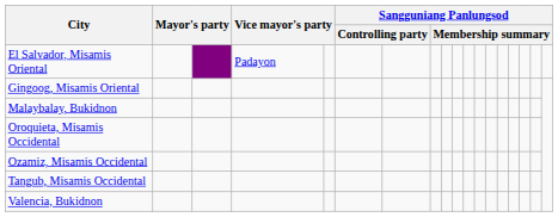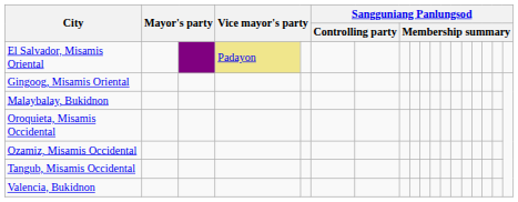 <table class="wikitable" style="font-size:95%;">
 <tr>
 <th width="180px" rowspan="2">City</th>
 <th colspan="2" rowspan="2">Mayor's party</th>
 <th colspan="2" rowspan="2">Vice mayor's party</th>
 <th colspan="15"><a href='#'>Sangguniang Panlungsod</a></th>
 </tr>
 <tr>
 <th colspan="2">Controlling party</th>
 <th colspan="13">Membership summary</th>
 </tr>
 <tr>
 <td><a href='#'>El Salvador, Misamis Oriental</a></td>
 <td></td>
 <td bgcolor=purple></td>
-<td><a href='#'>Padayon</a></td>
+<td style="background: khaki;"><a href='#'>Padayon</a></td>
 <td></td>
 <td> </td>
 <td> </td>
 <td> </td>
 <td> </td>
 <td> </td>
 <td> </td>
 <td> </td>
 <td> </td>
 <td> </td>
 <td> </td>
 <td> </td>
 <td> </td>
 <td> </td>
 </tr>
 <tr>
 <td><a href='#'>Gingoog, Misamis Oriental</a></td>
 <td></td>
 <td></td>
 <td></td>
 <td style="color:inherit;background:"></td>
 <td style="color:inherit;background:"></td>
 <td style="color:inherit;background:"></td>
 <td style="color:inherit;background:"></td>
 <td style="color:inherit;background:"></td>
 <td style="color:inherit;background:"></td>
 <td style="color:inherit;background:"></td>
 <td style="color:inherit;background:"></td>
 <td style="color:inherit;background:"></td>
 <td style="color:inherit;background:"></td>
 <td style="color:inherit;background:"></td>
 <td style="color:inherit;background:"></td>
 <td style="color:inherit;background:"></td>
 </tr>
 <tr>
 <td><a href='#'>Malaybalay, Bukidnon</a></td>
 <td></td>
 <td></td>
 <td></td>
 <td style="color:inherit;background:"></td>
 <td style="color:inherit;background:"></td>
 <td style="color:inherit;background:"></td>
 <td style="color:inherit;background:"></td>
 <td style="color:inherit;background:"></td>
 <td style="color:inherit;background:"></td>
 <td style="color:inherit;background:"></td>
 <td style="color:inherit;background:"></td>
 <td style="color:inherit;background:"></td>
 <td style="color:inherit;background:"></td>
 <td style="color:inherit;background:"></td>
 <td style="color:inherit;background:"></td>
 <td></td>
 </tr>
 <tr>
 <td><a href='#'>Oroquieta, Misamis Occidental</a></td>
 <td></td>
 <td></td>
 <td></td>
 <td style="color:inherit;background:"></td>
 <td style="color:inherit;background:"></td>
 <td style="color:inherit;background:"></td>
 <td style="color:inherit;background:"></td>
 <td style="color:inherit;background:"></td>
 <td style="color:inherit;background:"></td>
 <td style="color:inherit;background:"></td>
 <td style="color:inherit;background:"></td>
 <td style="color:inherit;background:"></td>
 <td style="color:inherit;background:"></td>
 <td style="color:inherit;background:"></td>
 <td style="color:inherit;background:"></td>
 <td></td>
 </tr>
 <tr>
 <td><a href='#'>Ozamiz, Misamis Occidental</a></td>
 <td></td>
 <td></td>
 <td></td>
 <td style="color:inherit;background:"></td>
 <td style="color:inherit;background:"></td>
 <td style="color:inherit;background:"></td>
 <td style="color:inherit;background:"></td>
 <td style="color:inherit;background:"></td>
 <td style="color:inherit;background:"></td>
 <td style="color:inherit;background:"></td>
 <td style="color:inherit;background:"></td>
 <td style="color:inherit;background:"></td>
 <td style="color:inherit;background:"></td>
 <td style="color:inherit;background:"></td>
 <td style="color:inherit;background:"></td>
 <td></td>
 </tr>
 <tr>
 <td><a href='#'>Tangub, Misamis Occidental</a></td>
 <td></td>
 <td></td>
 <td></td>
 <td style="color:inherit;background:"></td>
 <td style="color:inherit;background:"></td>
 <td style="color:inherit;background:"></td>
 <td style="color:inherit;background:"></td>
 <td style="color:inherit;background:"></td>
 <td style="color:inherit;background:"></td>
 <td style="color:inherit;background:"></td>
 <td style="color:inherit;background:"></td>
 <td style="color:inherit;background:"></td>
 <td style="color:inherit;background:"></td>
 <td style="color:inherit;background:"></td>
 <td style="color:inherit;background:"></td>
 <td></td>
 </tr>
 <tr>
 <td><a href='#'>Valencia, Bukidnon</a></td>
 <td></td>
 <td></td>
 <td></td>
 <td style="color:inherit;background:"></td>
 <td style="color:inherit;background:"></td>
 <td style="color:inherit;background:"></td>
 <td style="color:inherit;background:"></td>
 <td style="color:inherit;background:"></td>
 <td style="color:inherit;background:"></td>
 <td style="color:inherit;background:"></td>
 <td style="color:inherit;background:"></td>
 <td style="color:inherit;background:"></td>
 <td style="color:inherit;background:"></td>
 <td style="color:inherit;background:"></td>
 <td style="color:inherit;background:"></td>
 <td></td>
 </tr>
 </table>
